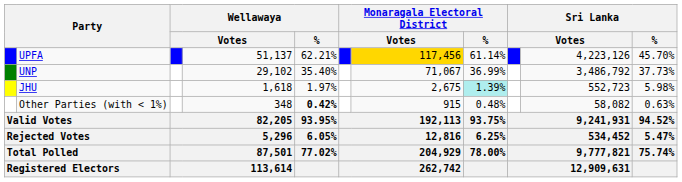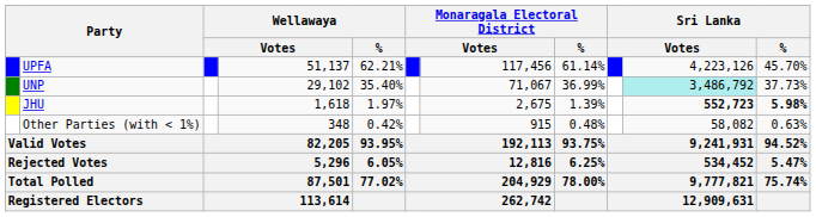 <table class="wikitable">
 <tr>
 <th colspan="2" width="144px"rowspan="2">Party</th>
 <th colspan="3" width="216px">Wellawaya</th>
 <th colspan="3" width="216px"><a href='#'>Monaragala Electoral District</a></th>
 <th colspan="3" width="216px">Sri Lanka</th>
 </tr>
 <tr>
 <th colspan="2" width="144px">Votes</th>
 <th>%</th>
 <th colspan="2" width="144px">Votes</th>
 <th>%</th>
 <th colspan="2" width="144px">Votes</th>
 <th>%</th>
 </tr>
 <tr>
 <td style="background-color:blue;" width="10px"></td>
 <td style="text-align:left;"><a href='#'>UPFA</a></td>
 <td style="background-color:blue;" width="10px"></td>
 <td style="text-align:right;">51,137</td>
 <td style="text-align:right;">62.21%</td>
 <td style="background-color:blue;" width="10px"></td>
-<td style="background: gold; text-align:right;">117,456</td>
+<td style="text-align:right;">117,456</td>
 <td style="text-align:right;">61.14%</td>
 <td style="background-color:blue;" width="10px"></td>
 <td style="text-align:right;">4,223,126</td>
 <td style="text-align:right;">45.70%</td>
 </tr>
 <tr>
 <td style="background-color:green;" width="10px"></td>
 <td style="text-align:left;"><a href='#'>UNP</a></td>
 <td style="background-color:white;" width="10px"></td>
 <td style="text-align:right;">29,102</td>
 <td style="text-align:right;">35.40%</td>
 <td style="background-color:white;" width="10px"></td>
 <td style="text-align:right;">71,067</td>
 <td style="text-align:right;">36.99%</td>
 <td style="background-color:white;" width="10px"></td>
-<td style="text-align:right;">3,486,792</td>
+<td style="background: paleturquoise; text-align:right;">3,486,792</td>
 <td style="text-align:right;">37.73%</td>
 </tr>
 <tr>
 <td style="background-color:yellow;" width="10px"></td>
 <td style="text-align:left;"><a href='#'>JHU</a></td>
 <td style="background-color:white;" width="10px"></td>
 <td style="text-align:right;">1,618</td>
 <td style="text-align:right;">1.97%</td>
 <td style="background-color:white;" width="10px"></td>
 <td style="text-align:right;">2,675</td>
-<td style="background: paleturquoise; text-align:right;">1.39%</td>
+<td style="text-align:right;">1.39%</td>
 <td style="background-color:white;" width="10px"></td>
-<td style="text-align:right;">552,723</td>
-<td style="text-align:right;">5.98%</td>
+<td style="text-align:right;"><strong>552,723</strong></td>
+<td style="text-align:right;"><strong>5.98%</strong></td>
 </tr>
 <tr>
 <td style="background-color:white;" width="10px"></td>
 <td style="text-align:left;">Other Parties (with < 1%)</td>
 <td style="background-color:white;" width="10px"></td>
 <td style="text-align:right;">348</td>
-<td style="text-align:right;"><strong>0.42%</strong></td>
+<td style="text-align:right;">0.42%</td>
 <td style="background-color:white;" width="10px"></td>
 <td style="text-align:right;">915</td>
 <td style="text-align:right;">0.48%</td>
 <td style="background-color:white;" width="10px"></td>
 <td style="text-align:right;">58,082</td>
 <td style="text-align:right;">0.63%</td>
 </tr>
 <tr>
 <th colspan="2" width="144px"style="text-align:left;">Valid Votes</th>
 <th style="text-align:right;"colspan="2" width="144px">82,205</th>
 <th style="text-align:right;">93.95%</th>
 <th style="text-align:right;"colspan="2" width="144px">192,113</th>
 <th style="text-align:right;">93.75%</th>
 <th style="text-align:right;"colspan="2" width="144px">9,241,931</th>
 <th style="text-align:right;">94.52%</th>
 </tr>
 <tr>
 <th colspan="2" width="144px"style="text-align:left;">Rejected Votes</th>
 <th style="text-align:right;"colspan="2" width="144px">5,296</th>
 <th style="text-align:right;">6.05%</th>
 <th style="text-align:right;"colspan="2" width="144px">12,816</th>
 <th style="text-align:right;">6.25%</th>
 <th style="text-align:right;"colspan="2" width="144px">534,452</th>
 <th style="text-align:right;">5.47%</th>
 </tr>
 <tr>
 <th colspan="2" width="144px"style="text-align:left;">Total Polled</th>
 <th style="text-align:right;"colspan="2" width="144px">87,501</th>
 <th style="text-align:right;">77.02%</th>
 <th style="text-align:right;"colspan="2" width="144px">204,929</th>
 <th style="text-align:right;">78.00%</th>
 <th style="text-align:right;"colspan="2" width="144px">9,777,821</th>
 <th style="text-align:right;">75.74%</th>
 </tr>
 <tr>
 <th colspan="2" width="144px"style="text-align:left;">Registered Electors</th>
 <th style="text-align:right;"colspan="2" width="144px">113,614</th>
 <th></th>
 <th style="text-align:right;"colspan="2" width="144px">262,742</th>
 <th></th>
 <th style="text-align:right;"colspan="2" width="144px">12,909,631</th>
 <th></th>
 </tr>
 </table>
